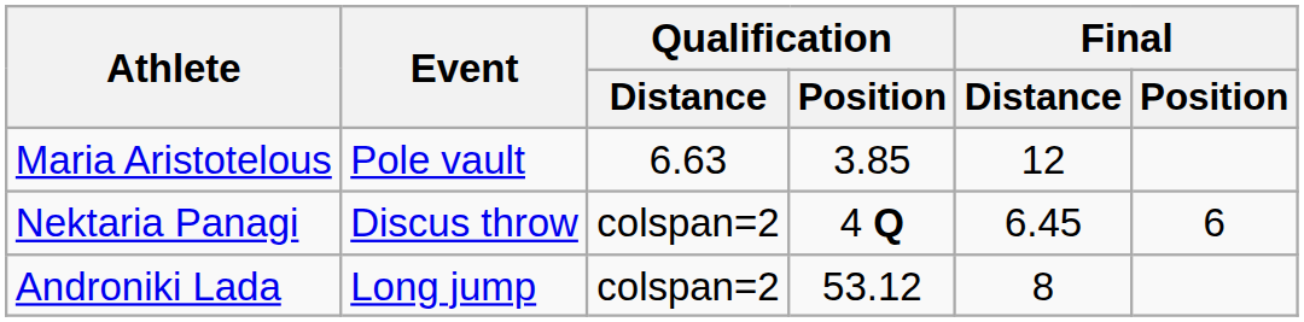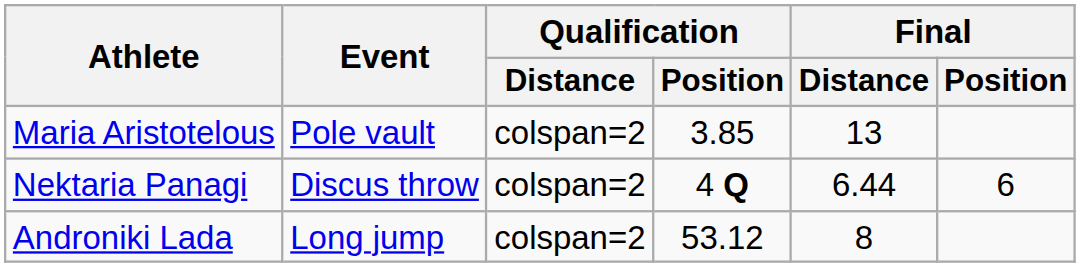 <table class=wikitable style="font-size:90%">
 <tr>
 <th rowspan=2>Athlete</th>
 <th rowspan=2>Event</th>
 <th colspan=2>Qualification</th>
 <th colspan=2>Final</th>
 </tr>
 <tr style="font-size:95%">
 <th>Distance</th>
 <th>Position</th>
 <th>Distance</th>
 <th>Position</th>
 </tr>
 <tr align=center>
 <td align=left><a href='#'>Maria Aristotelous</a></td>
 <td align=left><a href='#'>Pole vault</a></td>
-<td>6.63</td>
+<td>colspan=2 </td>
 <td>3.85</td>
-<td>12</td>
+<td>13</td>
 </tr>
 <tr align=center>
 <td align=left><a href='#'>Nektaria Panagi</a></td>
 <td align=left><a href='#'>Discus throw</a></td>
 <td>colspan=2 </td>
 <td>4 <strong>Q</strong></td>
-<td>6.45</td>
+<td>6.44</td>
 <td>6</td>
 </tr>
 <tr align=center>
 <td align=left><a href='#'>Androniki Lada</a></td>
 <td align=left><a href='#'>Long jump</a></td>
 <td>colspan=2 </td>
 <td>53.12</td>
 <td>8</td>
 </tr>
 </table>
